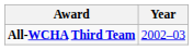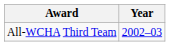 <table class="wikitable">
 <tr>
 <th>Award</th>
 <th>Year</th>
 </tr>
 <tr>
-<td><strong>All-<a href='#'>WCHA</a> <a href='#'>Third Team</a></strong></td>
+<td>All-<a href='#'>WCHA</a> <a href='#'>Third Team</a></td>
 <td><a href='#'>2002–03</a></td>
 </tr>
 </table>
